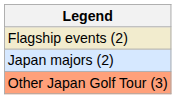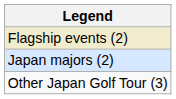 <table class="wikitable" style="font-size:95%;">
 <tr>
 <th>Legend</th>
 </tr>
 <tr style="background:#f2ecce;">
 <td>Flagship events (2)</td>
 </tr>
 <tr style="background:#D6E8FF;">
 <td>Japan majors (2)</td>
 </tr>
 <tr>
-<td style="background: lightsalmon;">Other Japan Golf Tour (3)</td>
+<td>Other Japan Golf Tour (3)</td>
 </tr>
 </table>
